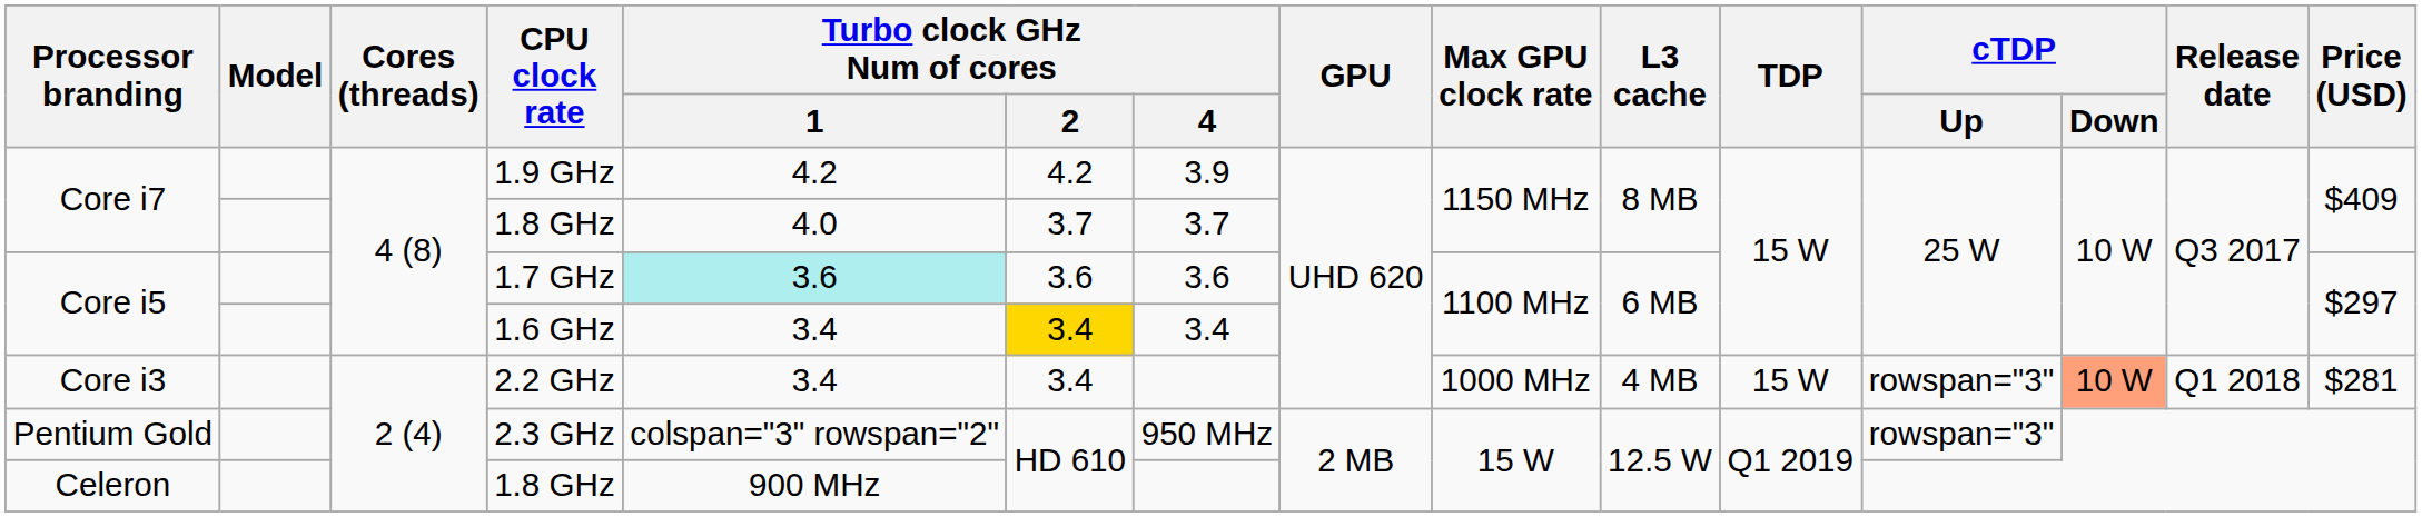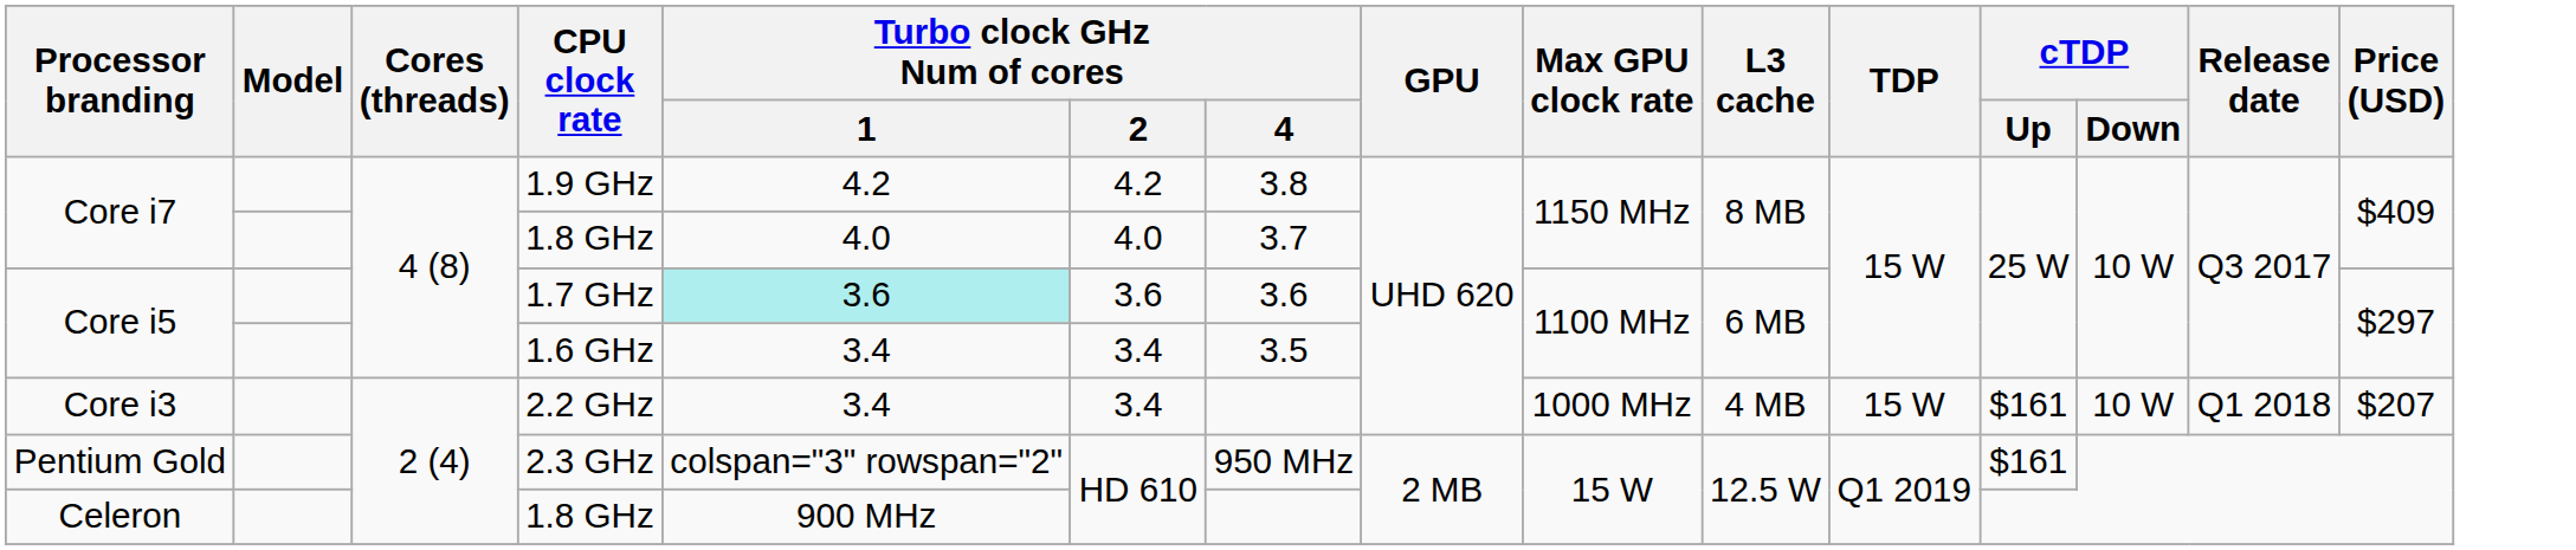 <table class="wikitable sortable" style="text-align: center;">
 <tr>
 <th rowspan="2">Processor<br>branding</th>
 <th rowspan="2">Model</th>
 <th rowspan="2">Cores<br>(threads)</th>
 <th rowspan="2">CPU<br><a href='#'>clock<br>rate</a></th>
 <th colspan="3"><a href='#'>Turbo</a> clock GHz<br>Num of cores</th>
 <th rowspan="2">GPU</th>
 <th rowspan="2">Max GPU<br>clock rate</th>
 <th rowspan="2">L3<br>cache</th>
 <th rowspan="2">TDP</th>
 <th colspan="2"><a href='#'>cTDP</a></th>
 <th rowspan="2">Release<br>date</th>
 <th rowspan="2">Price<br>(USD)</th>
 </tr>
 <tr>
 <th>1</th>
 <th>2</th>
 <th>4</th>
 <th>Up</th>
 <th>Down</th>
 </tr>
 <tr>
 <td rowspan="2">Core i7</td>
 <td></td>
 <td rowspan="4">4 (8)</td>
 <td>1.9 GHz</td>
 <td>4.2</td>
 <td>4.2</td>
-<td>3.9</td>
+<td>3.8</td>
 <td rowspan="5">UHD 620</td>
 <td rowspan="2">1150 MHz</td>
 <td rowspan="2">8 MB</td>
 <td rowspan="4">15 W</td>
 <td rowspan="4">25 W</td>
 <td rowspan="4">10 W</td>
 <td rowspan="4">Q3 2017</td>
 <td rowspan="2">$409</td>
 </tr>
 <tr>
 <td></td>
 <td>1.8 GHz</td>
 <td>4.0</td>
-<td>3.7</td>
+<td>4.0</td>
 <td>3.7</td>
 </tr>
 <tr>
 <td rowspan="2">Core i5</td>
 <td></td>
 <td>1.7 GHz</td>
 <td style="background: paleturquoise;">3.6</td>
 <td>3.6</td>
 <td>3.6</td>
 <td rowspan="2">1100 MHz</td>
 <td rowspan="2">6 MB</td>
 <td rowspan="2">$297</td>
 </tr>
 <tr>
 <td></td>
 <td>1.6 GHz</td>
 <td>3.4</td>
-<td style="background: gold;">3.4</td>
 <td>3.4</td>
+<td>3.5</td>
 </tr>
 <tr>
 <td>Core i3</td>
 <td></td>
 <td rowspan="3">2 (4)</td>
 <td>2.2 GHz</td>
 <td>3.4</td>
 <td>3.4</td>
 <td></td>
 <td>1000 MHz</td>
 <td>4 MB</td>
 <td>15 W</td>
-<td>rowspan="3"</td>
-<td style="background: lightsalmon;">10 W</td>
+<td>$161</td>
+<td>10 W</td>
 <td>Q1 2018</td>
-<td>$281</td>
+<td>$207</td>
 </tr>
 <tr>
 <td>Pentium Gold</td>
 <td></td>
 <td>2.3 GHz</td>
 <td>colspan="3" rowspan="2"</td>
 <td rowspan="2">HD 610</td>
 <td>950 MHz</td>
 <td rowspan="2">2 MB</td>
 <td rowspan="2">15 W</td>
 <td rowspan="2">12.5 W</td>
 <td rowspan="2">Q1 2019</td>
-<td>rowspan="3"</td>
+<td>$161</td>
 </tr>
 <tr>
 <td>Celeron</td>
 <td></td>
 <td>1.8 GHz</td>
 <td>900 MHz</td>
 <td></td>
 </tr>
 </table>
